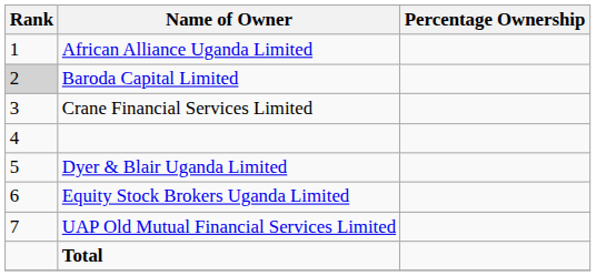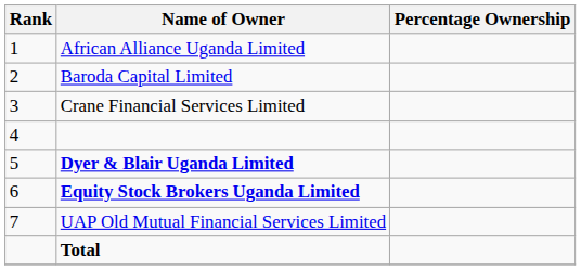 <table class="wikitable sortable" style="margin: 0.5em auto">
 <tr>
 <th>Rank</th>
 <th>Name of Owner</th>
 <th>Percentage Ownership</th>
 </tr>
 <tr>
 <td>1</td>
 <td><a href='#'>African Alliance Uganda Limited</a></td>
 <td></td>
 </tr>
 <tr>
-<td style="background: lightgrey;">2</td>
+<td>2</td>
 <td><a href='#'>Baroda Capital Limited</a></td>
 <td></td>
 </tr>
 <tr>
 <td>3</td>
 <td>Crane Financial Services Limited</td>
 <td></td>
 </tr>
 <tr>
 <td>4</td>
 <td></td>
 <td></td>
 </tr>
 <tr>
 <td>5</td>
-<td><a href='#'>Dyer & Blair Uganda Limited</a></td>
+<td><strong><a href='#'>Dyer & Blair Uganda Limited</a></strong></td>
 <td></td>
 </tr>
 <tr>
 <td>6</td>
-<td><a href='#'>Equity Stock Brokers Uganda Limited</a></td>
+<td><strong><a href='#'>Equity Stock Brokers Uganda Limited</a></strong></td>
 <td></td>
 </tr>
 <tr>
 <td>7</td>
 <td><a href='#'>UAP Old Mutual Financial Services Limited</a></td>
 <td></td>
 </tr>
 <tr>
 <td></td>
 <td><strong>Total</strong></td>
 <td></td>
 </tr>
 <tr>
 </tr>
 </table>
